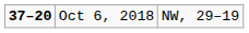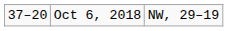 <table class="wikitable">
 <tr align="center">
 </tr>
 <tr align="center">
-<td><strong>37–20</strong></td>
+<td>37–20</td>
 <td>Oct 6, 2018</td>
 <td>NW, 29–19</td>
 </tr>
 </table>
